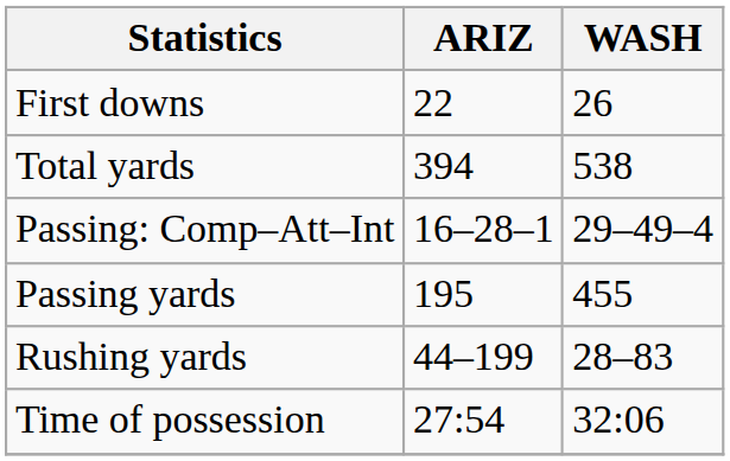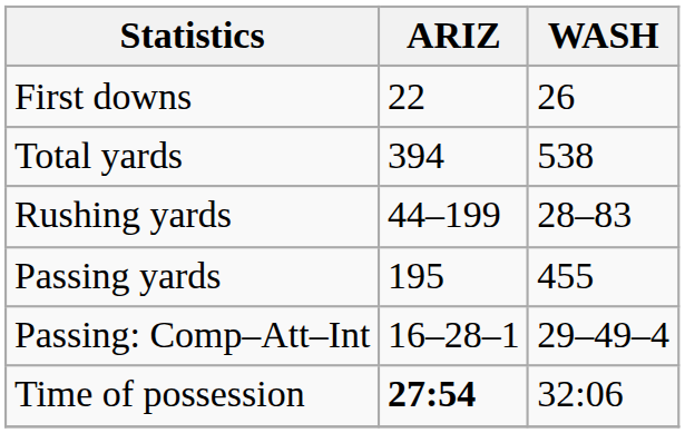 <table class="wikitable" style="float: left;">
 <tr>
 <th>Statistics</th>
 <th>ARIZ</th>
 <th>WASH</th>
 </tr>
 <tr>
 <td>First downs</td>
 <td>22</td>
 <td>26</td>
 </tr>
 <tr>
 <td>Total yards</td>
 <td>394</td>
 <td>538</td>
 </tr>
 <tr>
-<td>Passing: Comp–Att–Int</td>
-<td>16–28–1</td>
-<td>29–49–4</td>
+<td>Rushing yards</td>
+<td>44–199</td>
+<td>28–83</td>
 </tr>
 <tr>
 <td>Passing yards</td>
 <td>195</td>
 <td>455</td>
 </tr>
 <tr>
-<td>Rushing yards</td>
-<td>44–199</td>
-<td>28–83</td>
+<td>Passing: Comp–Att–Int</td>
+<td>16–28–1</td>
+<td>29–49–4</td>
 </tr>
 <tr>
 <td>Time of possession</td>
-<td>27:54</td>
+<td><strong>27:54</strong></td>
 <td>32:06</td>
 </tr>
 <tr>
 </tr>
 </table>
